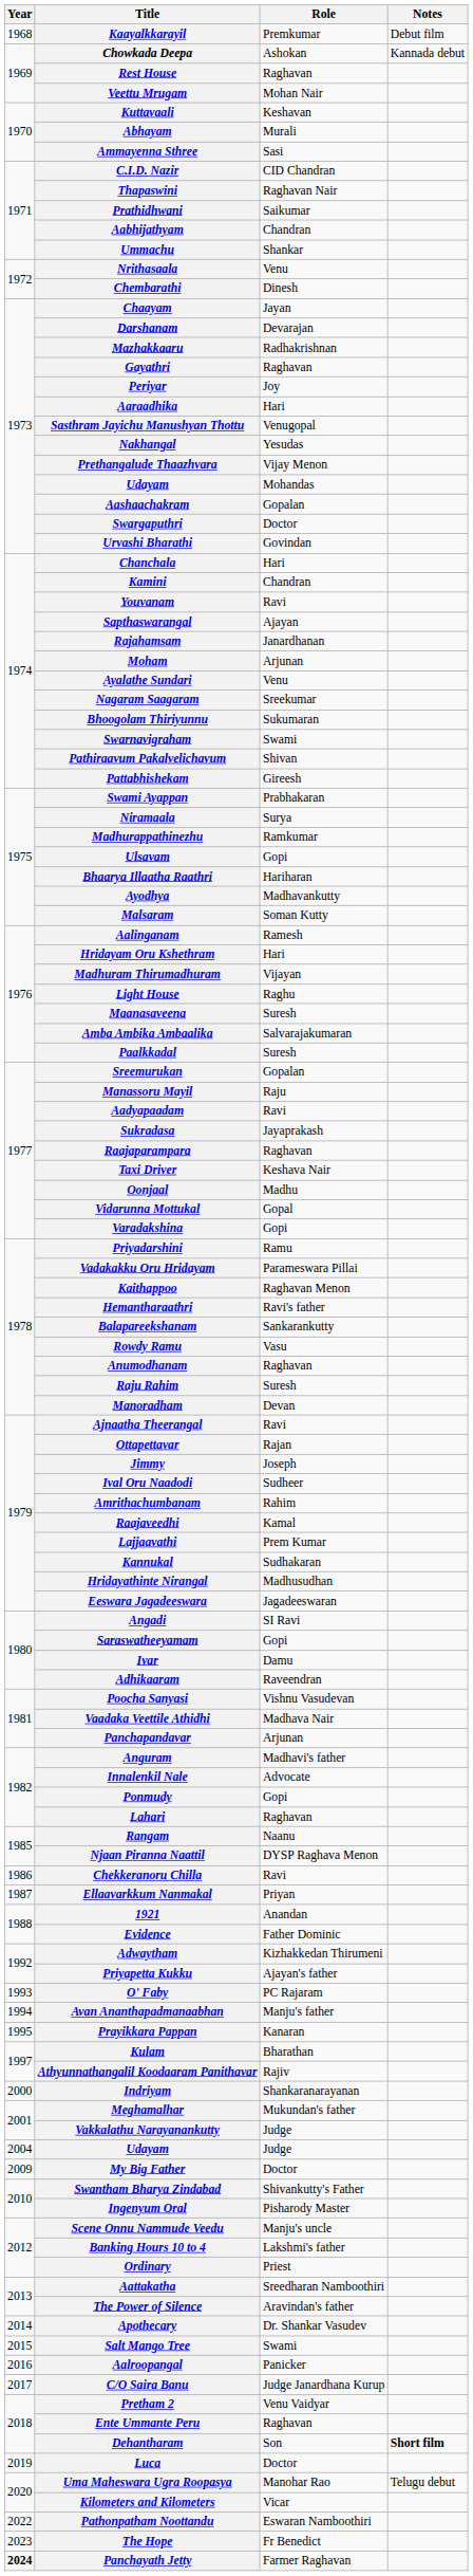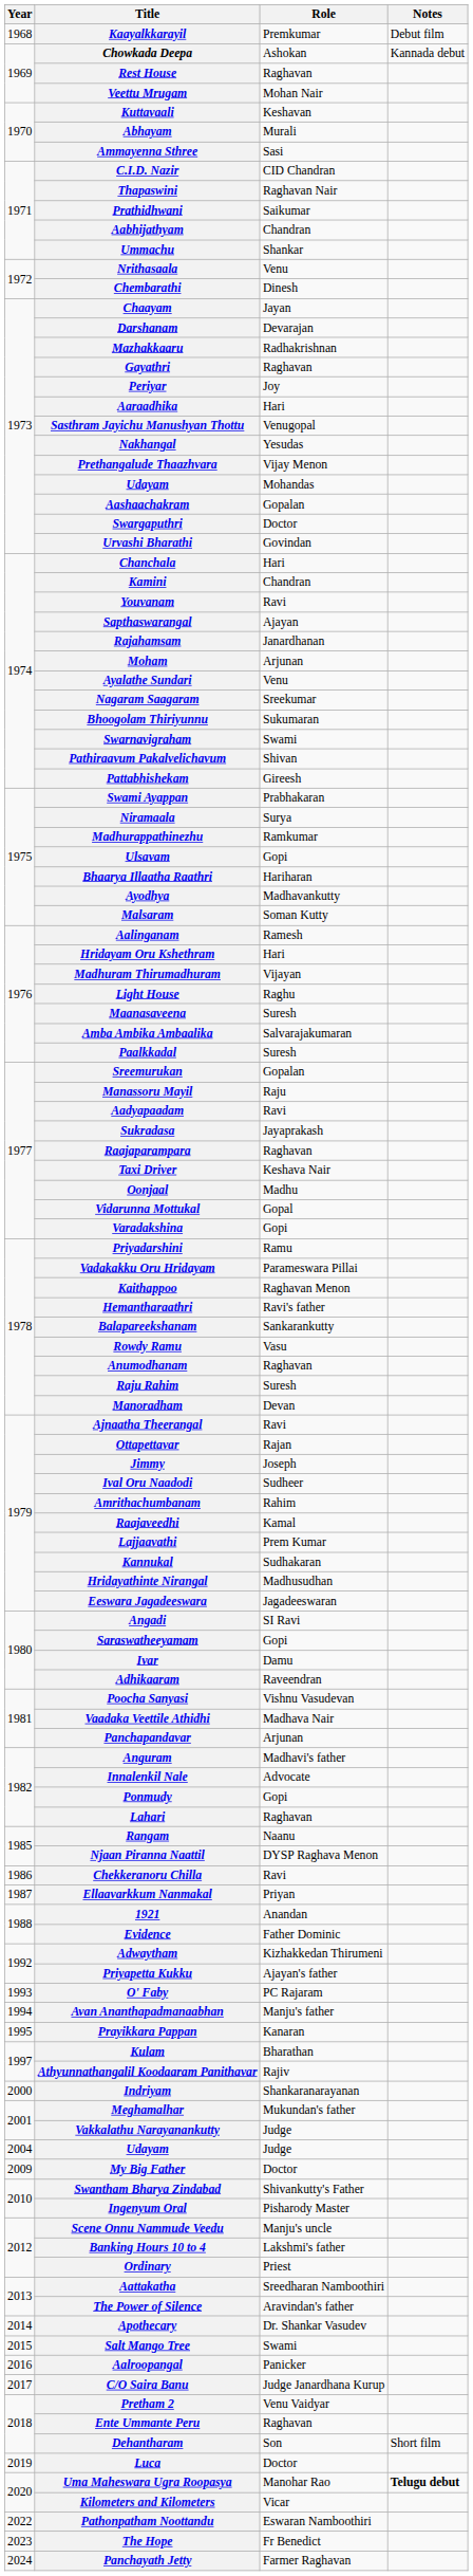 <table class="wikitable sortable plainrowheaders">
 <tr style="background:#ccc; text-align:center;">
 <th scope="col">Year</th>
 <th scope="col">Title</th>
 <th scope="col">Role</th>
 <th scope="col">Notes</th>
 </tr>
 <tr>
 <td>1968</td>
 <th scope="row"><em><a href='#'>Kaayalkkarayil</a></em></th>
 <td>Premkumar</td>
 <td>Debut film</td>
 </tr>
 <tr>
 <td rowspan="3">1969</td>
 <th scope="row"><em>Chowkada Deepa</em></th>
 <td>Ashokan</td>
 <td>Kannada debut</td>
 </tr>
 <tr>
 <th scope="row"><em><a href='#'>Rest House</a></em></th>
 <td>Raghavan</td>
 <td></td>
 </tr>
 <tr>
 <th scope="row"><em><a href='#'>Veettu Mrugam</a></em></th>
 <td>Mohan Nair</td>
 <td></td>
 </tr>
 <tr>
 <td rowspan="3">1970</td>
 <th scope="row"><em><a href='#'>Kuttavaali</a></em></th>
 <td>Keshavan</td>
 <td></td>
 </tr>
 <tr>
 <th scope="row"><em><a href='#'>Abhayam</a></em></th>
 <td>Murali</td>
 <td></td>
 </tr>
 <tr>
 <th scope="row"><em><a href='#'>Ammayenna Sthree</a></em></th>
 <td>Sasi</td>
 <td></td>
 </tr>
 <tr>
 <td rowspan="5">1971</td>
 <th scope="row"><em><a href='#'>C.I.D. Nazir</a></em></th>
 <td>CID Chandran</td>
 <td></td>
 </tr>
 <tr>
 <th scope="row"><em><a href='#'>Thapaswini</a></em></th>
 <td>Raghavan Nair</td>
 <td></td>
 </tr>
 <tr>
 <th scope="row"><em><a href='#'>Prathidhwani</a></em></th>
 <td>Saikumar</td>
 <td></td>
 </tr>
 <tr>
 <th scope="row"><em><a href='#'>Aabhijathyam</a></em></th>
 <td>Chandran</td>
 <td></td>
 </tr>
 <tr>
 <th scope="row"><em><a href='#'>Ummachu</a></em></th>
 <td>Shankar</td>
 <td></td>
 </tr>
 <tr>
 <td rowspan="2">1972</td>
 <th scope="row"><em><a href='#'>Nrithasaala</a></em></th>
 <td>Venu</td>
 <td></td>
 </tr>
 <tr>
 <th scope="row"><em><a href='#'>Chembarathi</a></em></th>
 <td>Dinesh</td>
 <td></td>
 </tr>
 <tr>
 <td rowspan="13">1973</td>
 <th scope="row"><em><a href='#'>Chaayam</a></em></th>
 <td>Jayan</td>
 <td></td>
 </tr>
 <tr>
 <th scope="row"><em><a href='#'>Darshanam</a></em></th>
 <td>Devarajan</td>
 <td></td>
 </tr>
 <tr>
 <th scope="row"><em><a href='#'>Mazhakkaaru</a></em></th>
 <td>Radhakrishnan</td>
 <td></td>
 </tr>
 <tr>
 <th scope="row"><em><a href='#'>Gayathri</a></em></th>
 <td>Raghavan</td>
 <td></td>
 </tr>
 <tr>
 <th scope="row"><em><a href='#'>Periyar</a></em></th>
 <td>Joy</td>
 <td></td>
 </tr>
 <tr>
 <th scope="row"><em><a href='#'>Aaraadhika</a></em></th>
 <td>Hari</td>
 <td></td>
 </tr>
 <tr>
 <th scope="row"><em><a href='#'>Sasthram Jayichu Manushyan Thottu</a></em></th>
 <td>Venugopal</td>
 <td></td>
 </tr>
 <tr>
 <th scope="row"><em><a href='#'>Nakhangal</a></em></th>
 <td>Yesudas</td>
 <td></td>
 </tr>
 <tr>
 <th scope="row"><em><a href='#'>Prethangalude Thaazhvara</a></em></th>
 <td>Vijay Menon</td>
 <td></td>
 </tr>
 <tr>
 <th scope="row"><em><a href='#'>Udayam</a></em></th>
 <td>Mohandas</td>
 <td></td>
 </tr>
 <tr>
 <th scope="row"><em><a href='#'>Aashaachakram</a></em></th>
 <td>Gopalan</td>
 <td></td>
 </tr>
 <tr>
 <th scope="row"><em><a href='#'>Swargaputhri</a></em></th>
 <td>Doctor</td>
 <td></td>
 </tr>
 <tr>
 <th scope="row"><em><a href='#'>Urvashi Bharathi</a></em></th>
 <td>Govindan</td>
 <td></td>
 </tr>
 <tr>
 <td rowspan="12">1974</td>
 <th scope="row"><em><a href='#'>Chanchala</a></em></th>
 <td>Hari</td>
 <td></td>
 </tr>
 <tr>
 <th scope="row"><em><a href='#'>Kamini</a></em></th>
 <td>Chandran</td>
 <td></td>
 </tr>
 <tr>
 <th scope="row"><em><a href='#'>Youvanam</a></em></th>
 <td>Ravi</td>
 <td></td>
 </tr>
 <tr>
 <th scope="row"><em><a href='#'>Sapthaswarangal</a></em></th>
 <td>Ajayan</td>
 <td></td>
 </tr>
 <tr>
 <th scope="row"><em><a href='#'>Rajahamsam</a></em></th>
 <td>Janardhanan</td>
 <td></td>
 </tr>
 <tr>
 <th scope="row"><em><a href='#'>Moham</a></em></th>
 <td>Arjunan</td>
 <td></td>
 </tr>
 <tr>
 <th scope="row"><em><a href='#'>Ayalathe Sundari</a></em></th>
 <td>Venu</td>
 <td></td>
 </tr>
 <tr>
 <th scope="row"><em><a href='#'>Nagaram Saagaram</a></em></th>
 <td>Sreekumar</td>
 <td></td>
 </tr>
 <tr>
 <th scope="row"><em><a href='#'>Bhoogolam Thiriyunnu</a></em></th>
 <td>Sukumaran</td>
 <td></td>
 </tr>
 <tr>
 <th scope="row"><em><a href='#'>Swarnavigraham</a></em></th>
 <td>Swami</td>
 <td></td>
 </tr>
 <tr>
 <th scope="row"><em><a href='#'>Pathiraavum Pakalvelichavum</a></em></th>
 <td>Shivan</td>
 <td></td>
 </tr>
 <tr>
 <th scope="row"><em><a href='#'>Pattabhishekam</a></em></th>
 <td>Gireesh</td>
 <td></td>
 </tr>
 <tr>
 <td rowspan="7">1975</td>
 <th scope="row"><em><a href='#'>Swami Ayappan</a></em></th>
 <td>Prabhakaran</td>
 <td></td>
 </tr>
 <tr>
 <th scope="row"><em><a href='#'>Niramaala</a></em></th>
 <td>Surya</td>
 <td></td>
 </tr>
 <tr>
 <th scope="row"><em><a href='#'>Madhurappathinezhu</a></em></th>
 <td>Ramkumar</td>
 <td></td>
 </tr>
 <tr>
 <th scope="row"><em><a href='#'>Ulsavam</a></em></th>
 <td>Gopi</td>
 <td></td>
 </tr>
 <tr>
 <th scope="row"><em><a href='#'>Bhaarya Illaatha Raathri</a></em></th>
 <td>Hariharan</td>
 <td></td>
 </tr>
 <tr>
 <th scope="row"><em><a href='#'>Ayodhya</a></em></th>
 <td>Madhavankutty</td>
 <td></td>
 </tr>
 <tr>
 <th scope="row"><em><a href='#'>Malsaram</a></em></th>
 <td>Soman Kutty</td>
 <td></td>
 </tr>
 <tr>
 <td rowspan="7">1976</td>
 <th scope="row"><em><a href='#'>Aalinganam</a></em></th>
 <td>Ramesh</td>
 <td></td>
 </tr>
 <tr>
 <th scope="row"><em><a href='#'>Hridayam Oru Kshethram</a></em></th>
 <td>Hari</td>
 <td></td>
 </tr>
 <tr>
 <th scope="row"><em><a href='#'>Madhuram Thirumadhuram</a></em></th>
 <td>Vijayan</td>
 <td></td>
 </tr>
 <tr>
 <th scope="row"><em><a href='#'>Light House</a></em></th>
 <td>Raghu</td>
 <td></td>
 </tr>
 <tr>
 <th scope="row"><em><a href='#'>Maanasaveena</a></em></th>
 <td>Suresh</td>
 <td></td>
 </tr>
 <tr>
 <th scope="row"><em><a href='#'>Amba Ambika Ambaalika</a></em></th>
 <td>Salvarajakumaran</td>
 <td></td>
 </tr>
 <tr>
 <th scope="row"><em><a href='#'>Paalkkadal</a></em></th>
 <td>Suresh</td>
 <td></td>
 </tr>
 <tr>
 <td rowspan="9">1977</td>
 <th scope="row"><em><a href='#'>Sreemurukan</a></em></th>
 <td>Gopalan</td>
 <td></td>
 </tr>
 <tr>
 <th scope="row"><em><a href='#'>Manassoru Mayil</a></em></th>
 <td>Raju</td>
 <td></td>
 </tr>
 <tr>
 <th scope="row"><em><a href='#'>Aadyapaadam</a></em></th>
 <td>Ravi</td>
 <td></td>
 </tr>
 <tr>
 <th scope="row"><em><a href='#'>Sukradasa</a></em></th>
 <td>Jayaprakash</td>
 <td></td>
 </tr>
 <tr>
 <th scope="row"><em><a href='#'>Raajaparampara</a></em></th>
 <td>Raghavan</td>
 <td></td>
 </tr>
 <tr>
 <th scope="row"><em><a href='#'>Taxi Driver</a></em></th>
 <td>Keshava Nair</td>
 <td></td>
 </tr>
 <tr>
 <th scope="row"><em><a href='#'>Oonjaal</a></em></th>
 <td>Madhu</td>
 <td></td>
 </tr>
 <tr>
 <th scope="row"><em><a href='#'>Vidarunna Mottukal</a></em></th>
 <td>Gopal</td>
 <td></td>
 </tr>
 <tr>
 <th scope="row"><em><a href='#'>Varadakshina</a></em></th>
 <td>Gopi</td>
 <td></td>
 </tr>
 <tr>
 <td rowspan="9">1978</td>
 <th scope="row"><em><a href='#'>Priyadarshini</a></em></th>
 <td>Ramu</td>
 <td></td>
 </tr>
 <tr>
 <th scope="row"><em><a href='#'>Vadakakku Oru Hridayam</a></em></th>
 <td>Parameswara Pillai</td>
 <td></td>
 </tr>
 <tr>
 <th scope="row"><em><a href='#'>Kaithappoo</a></em></th>
 <td>Raghavan Menon</td>
 <td></td>
 </tr>
 <tr>
 <th scope="row"><em><a href='#'>Hemantharaathri</a></em></th>
 <td>Ravi's father</td>
 <td></td>
 </tr>
 <tr>
 <th scope="row"><em><a href='#'>Balapareekshanam</a></em></th>
 <td>Sankarankutty</td>
 <td></td>
 </tr>
 <tr>
 <th scope="row"><em><a href='#'>Rowdy Ramu</a></em></th>
 <td>Vasu</td>
 <td></td>
 </tr>
 <tr>
 <th scope="row"><em><a href='#'>Anumodhanam</a></em></th>
 <td>Raghavan</td>
 <td></td>
 </tr>
 <tr>
 <th scope="row"><em><a href='#'>Raju Rahim</a></em></th>
 <td>Suresh</td>
 <td></td>
 </tr>
 <tr>
 <th scope="row"><em><a href='#'>Manoradham</a></em></th>
 <td>Devan</td>
 <td></td>
 </tr>
 <tr>
 <td rowspan="10">1979</td>
 <th scope="row"><em><a href='#'>Ajnaatha Theerangal</a></em></th>
 <td>Ravi</td>
 <td></td>
 </tr>
 <tr>
 <th scope="row"><em><a href='#'>Ottapettavar</a></em></th>
 <td>Rajan</td>
 <td></td>
 </tr>
 <tr>
 <th scope="row"><em><a href='#'>Jimmy</a></em></th>
 <td>Joseph</td>
 <td></td>
 </tr>
 <tr>
 <th scope="row"><em><a href='#'>Ival Oru Naadodi</a></em></th>
 <td>Sudheer</td>
 <td></td>
 </tr>
 <tr>
 <th scope="row"><em><a href='#'>Amrithachumbanam</a></em></th>
 <td>Rahim</td>
 <td></td>
 </tr>
 <tr>
 <th scope="row"><em><a href='#'>Raajaveedhi</a></em></th>
 <td>Kamal</td>
 <td></td>
 </tr>
 <tr>
 <th scope="row"><em><a href='#'>Lajjaavathi</a></em></th>
 <td>Prem Kumar</td>
 <td></td>
 </tr>
 <tr>
 <th scope="row"><em><a href='#'>Kannukal</a></em></th>
 <td>Sudhakaran</td>
 <td></td>
 </tr>
 <tr>
 <th scope="row"><em><a href='#'>Hridayathinte Nirangal</a></em></th>
 <td>Madhusudhan</td>
 <td></td>
 </tr>
 <tr>
 <th scope="row"><em><a href='#'>Eeswara Jagadeeswara</a></em></th>
 <td>Jagadeeswaran</td>
 <td></td>
 </tr>
 <tr>
 <td rowspan="4">1980</td>
 <th scope="row"><em><a href='#'>Angadi</a></em></th>
 <td>SI Ravi</td>
 <td></td>
 </tr>
 <tr>
 <th scope="row"><em><a href='#'>Saraswatheeyamam</a></em></th>
 <td>Gopi</td>
 <td></td>
 </tr>
 <tr>
 <th scope="row"><em><a href='#'>Ivar</a></em></th>
 <td>Damu</td>
 <td></td>
 </tr>
 <tr>
 <th scope="row"><em><a href='#'>Adhikaaram</a></em></th>
 <td>Raveendran</td>
 <td></td>
 </tr>
 <tr>
 <td rowspan="3">1981</td>
 <th scope="row"><em><a href='#'>Poocha Sanyasi</a></em></th>
 <td>Vishnu Vasudevan</td>
 <td></td>
 </tr>
 <tr>
 <th scope="row"><em><a href='#'>Vaadaka Veettile Athidhi</a></em></th>
 <td>Madhava Nair</td>
 <td></td>
 </tr>
 <tr>
 <th scope="row"><em><a href='#'>Panchapandavar</a></em></th>
 <td>Arjunan</td>
 <td></td>
 </tr>
 <tr>
 <td rowspan="4">1982</td>
 <th scope="row"><em><a href='#'>Anguram</a></em></th>
 <td>Madhavi's father</td>
 <td></td>
 </tr>
 <tr>
 <th scope="row"><em><a href='#'>Innalenkil Nale</a></em></th>
 <td>Advocate</td>
 <td></td>
 </tr>
 <tr>
 <th scope="row"><em><a href='#'>Ponmudy</a></em></th>
 <td>Gopi</td>
 <td></td>
 </tr>
 <tr>
 <th scope="row"><em><a href='#'>Lahari</a></em></th>
 <td>Raghavan</td>
 <td></td>
 </tr>
 <tr>
 <td rowspan="2">1985</td>
 <th scope="row"><em><a href='#'>Rangam</a></em></th>
 <td>Naanu</td>
 <td></td>
 </tr>
 <tr>
 <th scope="row"><em><a href='#'>Njaan Piranna Naattil</a></em></th>
 <td>DYSP Raghava Menon</td>
 <td></td>
 </tr>
 <tr>
 <td>1986</td>
 <th scope="row"><em><a href='#'>Chekkeranoru Chilla</a></em></th>
 <td>Ravi</td>
 <td></td>
 </tr>
 <tr>
 <td>1987</td>
 <th scope="row"><em><a href='#'>Ellaavarkkum Nanmakal</a></em></th>
 <td>Priyan</td>
 <td></td>
 </tr>
 <tr>
 <td rowspan="2">1988</td>
 <th scope="row"><em><a href='#'>1921</a></em></th>
 <td>Anandan</td>
 <td></td>
 </tr>
 <tr>
 <th scope="row"><em><a href='#'>Evidence</a></em></th>
 <td>Father Dominic</td>
 <td></td>
 </tr>
 <tr>
 <td rowspan="2">1992</td>
 <th scope="row"><em><a href='#'>Adwaytham</a></em></th>
 <td>Kizhakkedan Thirumeni</td>
 <td></td>
 </tr>
 <tr>
 <th scope="row"><em><a href='#'>Priyapetta Kukku</a></em></th>
 <td>Ajayan's father</td>
 <td></td>
 </tr>
 <tr>
 <td>1993</td>
 <th scope="row"><em><a href='#'>O' Faby</a></em></th>
 <td>PC Rajaram</td>
 <td></td>
 </tr>
 <tr>
 <td>1994</td>
 <th scope="row"><em><a href='#'>Avan Ananthapadmanaabhan</a></em></th>
 <td>Manju's father</td>
 <td></td>
 </tr>
 <tr>
 <td>1995</td>
 <th scope="row"><em><a href='#'>Prayikkara Pappan</a></em></th>
 <td>Kanaran</td>
 <td></td>
 </tr>
 <tr>
 <td rowspan="2">1997</td>
 <th scope="row"><em><a href='#'>Kulam</a></em></th>
 <td>Bharathan</td>
 <td></td>
 </tr>
 <tr>
 <th scope="row"><em><a href='#'>Athyunnathangalil Koodaaram Panithavar</a></em></th>
 <td>Rajiv</td>
 <td></td>
 </tr>
 <tr>
 <td>2000</td>
 <th scope="row"><em><a href='#'>Indriyam</a></em></th>
 <td>Shankaranarayanan</td>
 <td></td>
 </tr>
 <tr>
 <td rowspan="2">2001</td>
 <th scope="row"><em><a href='#'>Meghamalhar</a></em></th>
 <td>Mukundan's father</td>
 <td></td>
 </tr>
 <tr>
 <th scope="row"><em><a href='#'>Vakkalathu Narayanankutty</a></em></th>
 <td>Judge</td>
 <td></td>
 </tr>
 <tr>
 <td>2004</td>
 <th scope="row"><em><a href='#'>Udayam</a></em></th>
 <td>Judge</td>
 <td></td>
 </tr>
 <tr>
 <td>2009</td>
 <th scope="row"><em><a href='#'>My Big Father</a></em></th>
 <td>Doctor</td>
 <td></td>
 </tr>
 <tr>
 <td rowspan="2">2010</td>
 <th scope="row"><em><a href='#'>Swantham Bharya Zindabad</a></em></th>
 <td>Shivankutty's Father</td>
 <td></td>
 </tr>
 <tr>
 <th scope="row"><em><a href='#'>Ingenyum Oral</a></em></th>
 <td>Pisharody Master</td>
 <td></td>
 </tr>
 <tr>
 <td rowspan="3">2012</td>
 <th scope="row"><em><a href='#'>Scene Onnu Nammude Veedu</a></em></th>
 <td>Manju's uncle</td>
 <td></td>
 </tr>
 <tr>
 <th scope="row"><em><a href='#'>Banking Hours 10 to 4</a></em></th>
 <td>Lakshmi's father</td>
 <td></td>
 </tr>
 <tr>
 <th scope="row"><em><a href='#'>Ordinary</a></em></th>
 <td>Priest</td>
 <td></td>
 </tr>
 <tr>
 <td rowspan="2">2013</td>
 <th scope="row"><em><a href='#'>Aattakatha</a></em></th>
 <td>Sreedharan Namboothiri</td>
 <td></td>
 </tr>
 <tr>
 <th scope="row"><em><a href='#'>The Power of Silence</a></em></th>
 <td>Aravindan's father</td>
 <td></td>
 </tr>
 <tr>
 <td>2014</td>
 <th scope="row"><em><a href='#'>Apothecary</a></em></th>
 <td>Dr. Shankar Vasudev</td>
 <td></td>
 </tr>
 <tr>
 <td>2015</td>
 <th scope="row"><em><a href='#'>Salt Mango Tree</a></em></th>
 <td>Swami</td>
 <td></td>
 </tr>
 <tr>
 <td>2016</td>
 <th scope="row"><em><a href='#'>Aalroopangal</a></em></th>
 <td>Panicker</td>
 <td></td>
 </tr>
 <tr>
 <td>2017</td>
 <th scope="row"><em><a href='#'>C/O Saira Banu</a></em></th>
 <td>Judge Janardhana Kurup</td>
 <td></td>
 </tr>
 <tr>
 <td rowspan="3">2018</td>
 <th scope="row"><em><a href='#'>Pretham 2</a></em></th>
 <td>Venu Vaidyar</td>
 <td></td>
 </tr>
 <tr>
 <th scope="row"><em><a href='#'>Ente Ummante Peru</a></em></th>
 <td>Raghavan</td>
 <td></td>
 </tr>
 <tr>
 <th scope="row"><em><a href='#'>Dehantharam</a></em></th>
 <td>Son</td>
-<td><strong>Short film</strong></td>
+<td>Short film</td>
 </tr>
 <tr>
 <td>2019</td>
 <th scope="row"><em><a href='#'>Luca</a></em></th>
 <td>Doctor</td>
 <td></td>
 </tr>
 <tr>
 <td rowspan="2">2020</td>
 <th scope="row"><em><a href='#'>Uma Maheswara Ugra Roopasya</a></em></th>
 <td>Manohar Rao</td>
-<td>Telugu debut</td>
+<td><strong>Telugu debut</strong></td>
 </tr>
 <tr>
 <th scope="row"><em><a href='#'>Kilometers and Kilometers</a></em></th>
 <td>Vicar</td>
 <td></td>
 </tr>
 <tr>
 <td>2022</td>
 <th scope="row"><em><a href='#'>Pathonpatham Noottandu</a></em></th>
 <td>Eswaran Namboothiri</td>
 <td></td>
 </tr>
 <tr>
 <td>2023</td>
 <th scope="row"><em><a href='#'>The Hope</a></em></th>
 <td>Fr Benedict</td>
 <td></td>
 </tr>
 <tr>
-<td><strong>2024</strong></td>
+<td>2024</td>
 <th scope="row"><em><a href='#'>Panchayath Jetty</a></em></th>
 <td>Farmer Raghavan</td>
 <td></td>
 </tr>
 </table>
